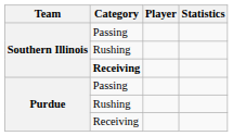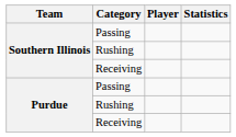 <table class="wikitable" style="float:right">
 <tr>
 <th>Team</th>
 <th>Category</th>
 <th>Player</th>
 <th>Statistics</th>
 </tr>
 <tr>
 <th rowspan=3>Southern Illinois</th>
 <td>Passing</td>
 <td></td>
 <td></td>
 </tr>
 <tr>
 <td>Rushing</td>
 <td></td>
 <td></td>
 </tr>
 <tr>
-<td><strong>Receiving</strong></td>
+<td>Receiving</td>
 <td></td>
 <td></td>
 </tr>
 <tr>
 <th rowspan=3>Purdue</th>
 <td>Passing</td>
 <td></td>
 <td></td>
 </tr>
 <tr>
 <td>Rushing</td>
 <td></td>
 <td></td>
 </tr>
 <tr>
 <td>Receiving</td>
 <td></td>
 <td></td>
 </tr>
 </table>
